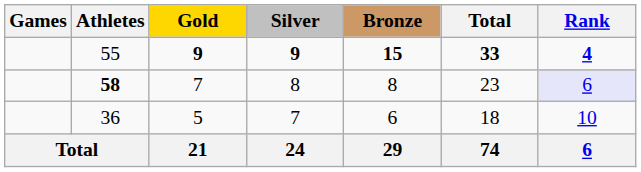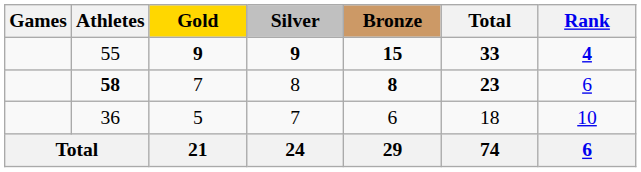 <table class="wikitable" style="text-align:center; font-size:90%;">
 <tr>
 <th>Games</th>
 <th>Athletes</th>
 <td style="background:gold; width:4.5em; font-weight:bold;">Gold</td>
 <td style="background:silver; width:4.5em; font-weight:bold;">Silver</td>
 <td style="background:#cc9966; width:4.5em; font-weight:bold;">Bronze</td>
 <th style="width:4.5em; font-weight:bold;">Total</th>
 <th style="width:4.5em; font-weight:bold;"><a href='#'>Rank</a></th>
 </tr>
 <tr>
 <td align=left></td>
 <td>55</td>
 <td><strong>9</strong></td>
 <td><strong>9</strong></td>
 <td><strong>15</strong></td>
 <td><strong>33</strong></td>
 <td><a href='#'><strong>4</strong></a></td>
 </tr>
 <tr>
 <td align=left></td>
 <td><strong>58</strong></td>
 <td>7</td>
 <td>8</td>
-<td>8</td>
-<td>23</td>
-<td style="background: lavender;"><a href='#'>6</a></td>
+<td><strong>8</strong></td>
+<td><strong>23</strong></td>
+<td><a href='#'>6</a></td>
 </tr>
 <tr>
 <td align=left></td>
 <td>36</td>
 <td>5</td>
 <td>7</td>
 <td>6</td>
 <td>18</td>
 <td><a href='#'>10</a></td>
 </tr>
 <tr>
 <th colspan=2>Total</th>
 <th>21</th>
 <th>24</th>
 <th>29</th>
 <th>74</th>
 <th><a href='#'>6</a></th>
 </tr>
 </table>
